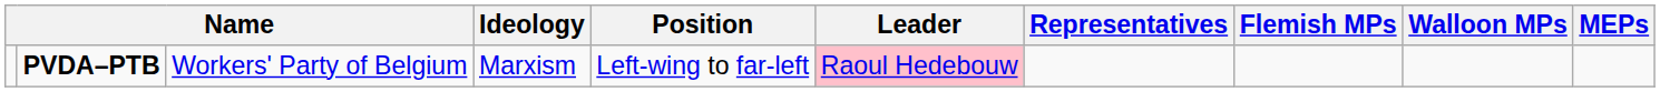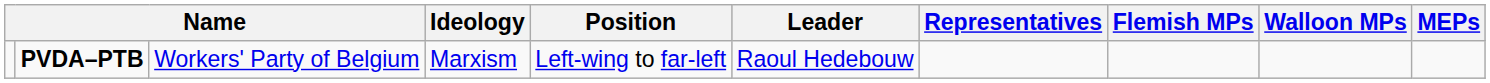 <table class="wikitable">
 <tr>
 <th colspan="3">Name</th>
 <th>Ideology</th>
 <th>Position</th>
 <th>Leader</th>
 <th><a href='#'>Representatives</a></th>
 <th><a href='#'>Flemish MPs</a></th>
 <th><a href='#'>Walloon MPs</a></th>
 <th><a href='#'>MEPs</a></th>
 </tr>
 <tr>
 <td bgcolor=></td>
 <td align=center><strong>PVDA–PTB</strong></td>
 <td><a href='#'>Workers' Party of Belgium</a><br></td>
 <td><a href='#'>Marxism</a></td>
 <td><a href='#'>Left-wing</a> to <a href='#'>far-left</a></td>
-<td style="background: pink;"><a href='#'>Raoul Hedebouw</a></td>
+<td><a href='#'>Raoul Hedebouw</a></td>
 <td></td>
 <td></td>
 <td></td>
 <td></td>
 </tr>
 </table>
